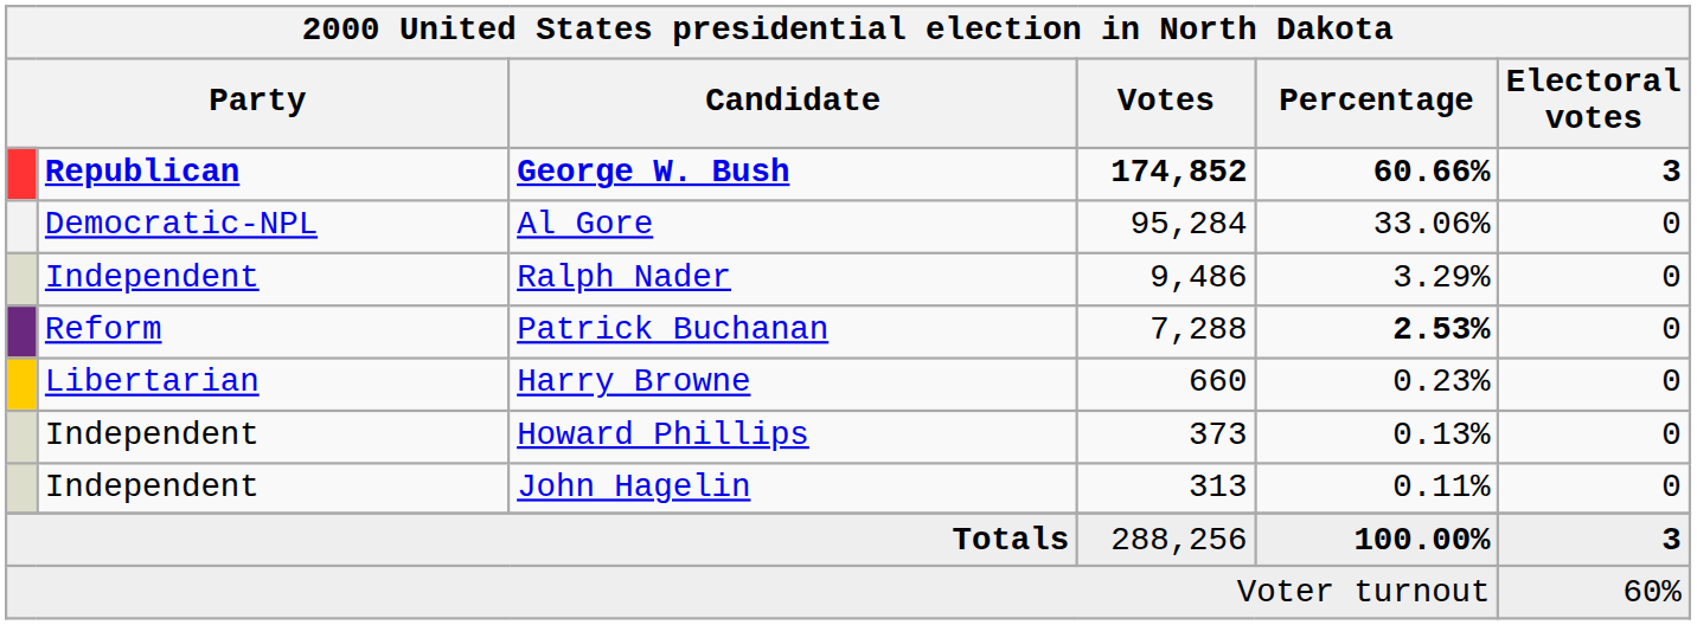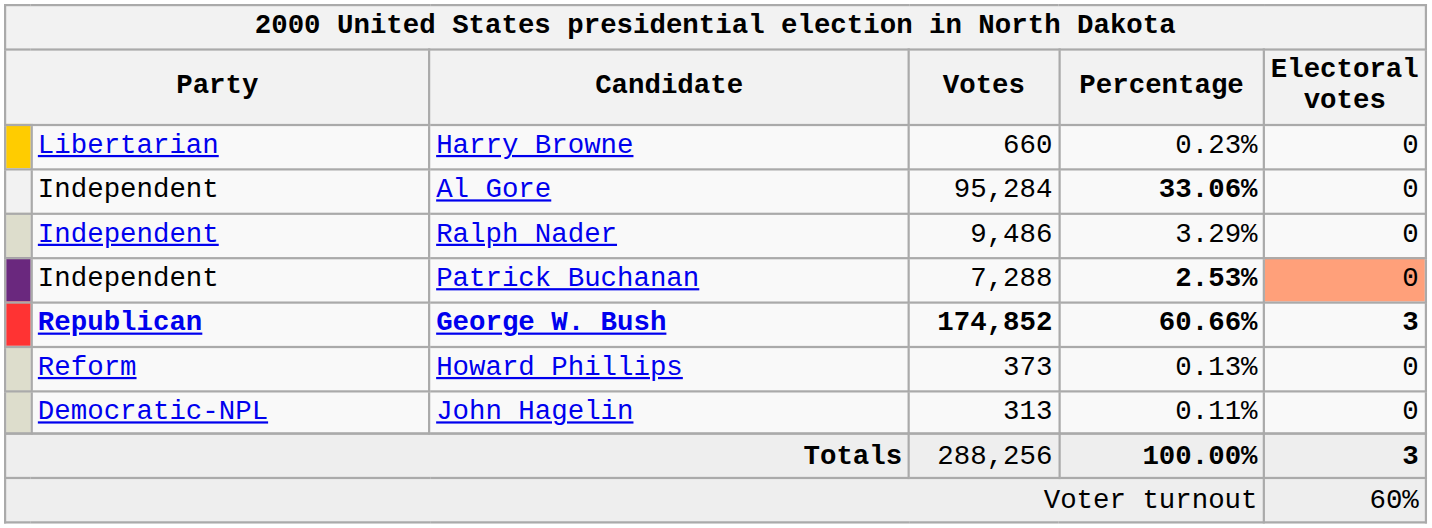 <table class="wikitable" style="font-size: 95%;">
 <tr>
 <th colspan="6">2000 United States presidential election in North Dakota</th>
 </tr>
 <tr>
 <th colspan="2" style="width: 15em">Party</th>
 <th style="width: 17em">Candidate</th>
 <th style="width: 5em">Votes</th>
 <th style="width: 7em">Percentage</th>
 <th style="width: 5em">Electoral votes</th>
 </tr>
 <tr>
-<th style="background-color:#FF3333; width: 3px"></th>
-<td style="width: 130px"><strong><a href='#'>Republican</a></strong></td>
-<td><strong><a href='#'>George W. Bush</a></strong></td>
-<td align="right"><strong>174,852</strong></td>
-<td align="right"><strong>60.66%</strong></td>
-<td align="right"><strong>3</strong></td>
+<th style="background-color:#FFCC00; width: 3px"></th>
+<td style="width: 130px"><a href='#'>Libertarian</a></td>
+<td><a href='#'>Harry Browne</a></td>
+<td align="right">660</td>
+<td align="right">0.23%</td>
+<td align="right">0</td>
 </tr>
 <tr>
 <th style="background-color:"></th>
-<td style="width: 130px"><a href='#'>Democratic-NPL</a></td>
+<td style="width: 130px">Independent</td>
 <td><a href='#'>Al Gore</a></td>
 <td align="right">95,284</td>
-<td align="right">33.06%</td>
+<td align="right"><strong>33.06%</strong></td>
 <td align="right">0</td>
 </tr>
 <tr>
 <th style="background-color:#DDDDCC; width: 3px"></th>
 <td style="width: 130px"><a href='#'>Independent</a></td>
 <td><a href='#'>Ralph Nader</a></td>
 <td align="right">9,486</td>
 <td align="right">3.29%</td>
 <td align="right">0</td>
 </tr>
 <tr>
 <th style="background-color:#6A287E; width: 3px"></th>
-<td style="width: 130px"><a href='#'>Reform</a></td>
+<td style="width: 130px">Independent</td>
 <td><a href='#'>Patrick Buchanan</a></td>
 <td align="right">7,288</td>
 <td align="right"><strong>2.53%</strong></td>
-<td align="right">0</td>
+<td align="right" style="background: lightsalmon;">0</td>
 </tr>
 <tr>
-<th style="background-color:#FFCC00; width: 3px"></th>
-<td style="width: 130px"><a href='#'>Libertarian</a></td>
-<td><a href='#'>Harry Browne</a></td>
-<td align="right">660</td>
-<td align="right">0.23%</td>
-<td align="right">0</td>
+<th style="background-color:#FF3333; width: 3px"></th>
+<td style="width: 130px"><strong><a href='#'>Republican</a></strong></td>
+<td><strong><a href='#'>George W. Bush</a></strong></td>
+<td align="right"><strong>174,852</strong></td>
+<td align="right"><strong>60.66%</strong></td>
+<td align="right"><strong>3</strong></td>
 </tr>
 <tr>
 <th style="background-color:#DDDDCC; width: 3px"></th>
-<td style="width: 130px">Independent</td>
+<td style="width: 130px"><a href='#'>Reform</a></td>
 <td><a href='#'>Howard Phillips</a></td>
 <td align="right">373</td>
 <td align="right">0.13%</td>
 <td align="right">0</td>
 </tr>
 <tr>
 <th style="background-color:#DDDDCC; width: 3px"></th>
-<td style="width: 130px">Independent</td>
+<td style="width: 130px"><a href='#'>Democratic-NPL</a></td>
 <td><a href='#'>John Hagelin</a></td>
 <td align="right">313</td>
 <td align="right">0.11%</td>
 <td align="right">0</td>
 </tr>
 <tr>
 </tr>
 <tr bgcolor="#EEEEEE">
 <td colspan="3" align="right"><strong>Totals</strong></td>
 <td align="right">288,256</td>
 <td align="right"><strong>100.00%</strong></td>
 <td align="right"><strong>3</strong></td>
 </tr>
 <tr bgcolor="#EEEEEE">
 <td colspan="5" align="right">Voter turnout</td>
 <td colspan="1" align="right">60%</td>
 </tr>
 </table>
